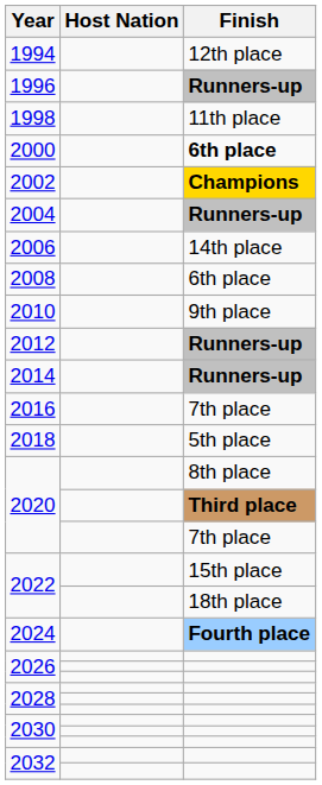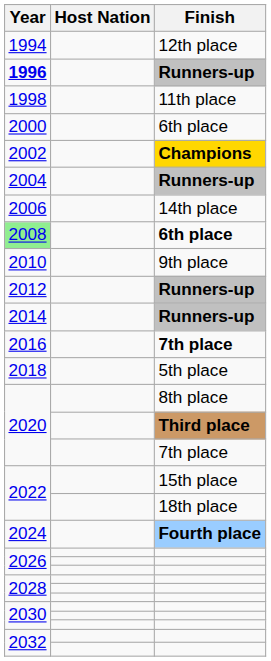 <table class="wikitable">
 <tr>
 <th>Year</th>
 <th>Host Nation</th>
 <th>Finish</th>
 </tr>
 <tr>
 <td><a href='#'>1994</a></td>
 <td></td>
 <td>12th place</td>
 </tr>
 <tr>
-<td><a href='#'>1996</a></td>
+<td><strong><a href='#'>1996</a></strong></td>
 <td></td>
 <td bgcolor=Silver><strong>Runners-up</strong></td>
 </tr>
 <tr>
 <td><a href='#'>1998</a></td>
 <td></td>
 <td>11th place</td>
 </tr>
 <tr>
 <td><a href='#'>2000</a></td>
 <td></td>
-<td><strong>6th place</strong></td>
+<td>6th place</td>
 </tr>
 <tr>
 <td><a href='#'>2002</a></td>
 <td></td>
 <td bgcolor=Gold><strong>Champions</strong></td>
 </tr>
 <tr>
 <td><a href='#'>2004</a></td>
 <td></td>
 <td bgcolor=Silver><strong>Runners-up</strong></td>
 </tr>
 <tr>
 <td><a href='#'>2006</a></td>
 <td></td>
 <td>14th place</td>
 </tr>
 <tr>
-<td><a href='#'>2008</a></td>
+<td style="background: lightgreen;"><a href='#'>2008</a></td>
 <td></td>
-<td>6th place</td>
+<td><strong>6th place</strong></td>
 </tr>
 <tr>
 <td><a href='#'>2010</a></td>
 <td></td>
 <td>9th place</td>
 </tr>
 <tr>
 <td><a href='#'>2012</a></td>
 <td></td>
 <td bgcolor=Silver><strong>Runners-up</strong></td>
 </tr>
 <tr>
 <td><a href='#'>2014</a></td>
 <td></td>
 <td bgcolor=Silver><strong>Runners-up</strong></td>
 </tr>
 <tr>
 <td><a href='#'>2016</a></td>
 <td></td>
-<td>7th place</td>
+<td><strong>7th place</strong></td>
 </tr>
 <tr>
 <td><a href='#'>2018</a></td>
 <td></td>
 <td>5th place</td>
 </tr>
 <tr>
 <td rowspan=3><a href='#'>2020</a></td>
 <td></td>
 <td>8th place</td>
 </tr>
 <tr>
 <td></td>
 <td bgcolor=cc9966><strong>Third place</strong></td>
 </tr>
 <tr>
 <td></td>
 <td>7th place</td>
 </tr>
 <tr>
 <td rowspan=2><a href='#'>2022</a></td>
 <td></td>
 <td>15th place</td>
 </tr>
 <tr>
 <td></td>
 <td>18th place</td>
 </tr>
 <tr>
 <td><a href='#'>2024</a></td>
 <td></td>
 <td bgcolor=#9acdff><strong>Fourth place</strong></td>
 </tr>
 <tr>
 <td rowspan=3><a href='#'>2026</a></td>
 <td></td>
 <td></td>
 </tr>
 <tr>
 <td></td>
 <td></td>
 </tr>
 <tr>
 <td></td>
 <td></td>
 </tr>
 <tr>
 <td rowspan=3><a href='#'>2028</a></td>
 <td></td>
 <td></td>
 </tr>
 <tr>
 <td></td>
 <td></td>
 </tr>
 <tr>
 <td></td>
 <td></td>
 </tr>
 <tr>
 <td rowspan=3><a href='#'>2030</a></td>
 <td></td>
 <td></td>
 </tr>
 <tr>
 <td></td>
 <td></td>
 </tr>
 <tr>
 <td></td>
 </tr>
 <tr>
 <td rowspan=2><a href='#'>2032</a></td>
 <td></td>
 <td></td>
 </tr>
 <tr>
 <td></td>
 <td></td>
 </tr>
 </table>
